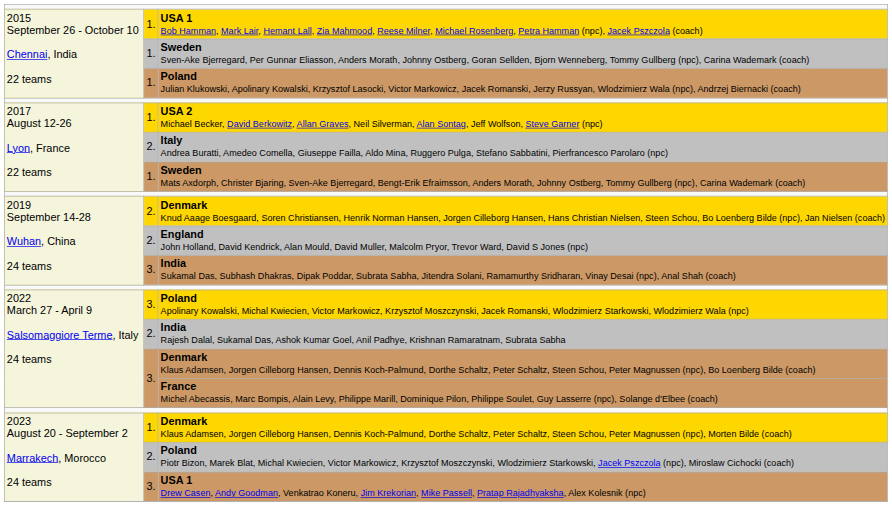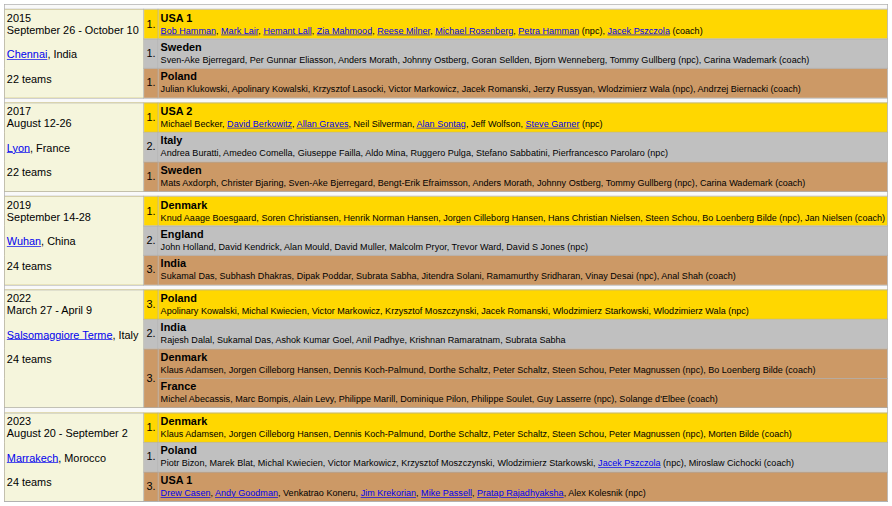 <table class="wikitable">
 <tr>
 <td colspan=3></td>
 </tr>
 <tr bgcolor="gold">
 <td rowspan=3 bgcolor="beige" valign="Top">2015<br>September 26 - October 10 <br> <br><a href='#'>Chennai</a>, India   <br> <br>22 teams</td>
 <td>1.</td>
 <td> <strong>USA 1</strong><br><small><a href='#'>Bob Hamman</a>, <a href='#'>Mark Lair</a>, <a href='#'>Hemant Lall</a>, <a href='#'>Zia Mahmood</a>, <a href='#'>Reese Milner</a>, <a href='#'>Michael Rosenberg</a>, <a href='#'>Petra Hamman</a> (npc), <a href='#'>Jacek Pszczola</a> (coach)</small></td>
 </tr>
 <tr bgcolor="silver">
 <td>1.</td>
 <td> <strong>Sweden</strong><br><small>Sven-Ake Bjerregard, Per Gunnar Eliasson, Anders Morath, Johnny Ostberg, Goran Sellden, Bjorn Wenneberg, Tommy Gullberg (npc), Carina Wademark (coach)</small></td>
 </tr>
 <tr bgcolor="cc9966">
 <td>1.</td>
 <td> <strong>Poland</strong><br><small>Julian Klukowski, Apolinary Kowalski, Krzysztof Lasocki, Victor Markowicz, Jacek Romanski, Jerzy Russyan, Wlodzimierz Wala (npc), Andrzej Biernacki (coach)</small></td>
 </tr>
 <tr>
 <td colspan=3></td>
 </tr>
 <tr bgcolor="gold">
 <td rowspan=3 bgcolor="beige" valign="Top">2017<br>August 12-26 <br> <br> <a href='#'>Lyon</a>, France  <br> <br>22 teams</td>
 <td>1.</td>
 <td> <strong>USA 2</strong><br><small>Michael Becker, <a href='#'>David Berkowitz</a>, <a href='#'>Allan Graves</a>, Neil Silverman, <a href='#'>Alan Sontag</a>, Jeff Wolfson, <a href='#'>Steve Garner</a> (npc)</small></td>
 </tr>
 <tr bgcolor="silver">
 <td>2.</td>
 <td> <strong>Italy</strong><br><small>Andrea Buratti, Amedeo Comella, Giuseppe Failla, Aldo Mina, Ruggero Pulga, Stefano Sabbatini, Pierfrancesco Parolaro (npc)</small></td>
 </tr>
 <tr bgcolor="cc9966">
 <td>1.</td>
 <td> <strong>Sweden</strong><br><small>Mats Axdorph, Christer Bjaring, Sven-Ake Bjerregard, Bengt-Erik Efraimsson, Anders Morath, Johnny Ostberg, Tommy Gullberg (npc), Carina Wademark (coach)</small></td>
 </tr>
 <tr>
 <td colspan=3></td>
 </tr>
 <tr bgcolor="gold">
 <td rowspan=3 bgcolor="beige" valign="Top">2019<br>September 14-28 <br> <br> <a href='#'>Wuhan</a>, China  <br> <br>24 teams</td>
-<td>2.</td>
+<td>1.</td>
 <td> <strong>Denmark</strong> <br><small>Knud Aaage Boesgaard, Soren Christiansen, Henrik Norman Hansen, Jorgen Cilleborg Hansen, Hans Christian Nielsen, Steen Schou, Bo Loenberg Bilde (npc), Jan Nielsen (coach)</small></td>
 </tr>
 <tr bgcolor="silver">
 <td>2.</td>
 <td> <strong>England</strong> <br><small>John Holland, David Kendrick, Alan Mould, David Muller, Malcolm Pryor, Trevor Ward, David S Jones (npc)</small></td>
 </tr>
 <tr bgcolor="cc9966">
 <td>3.</td>
 <td> <strong>India</strong> <br><small>Sukamal Das, Subhash Dhakras, Dipak Poddar, Subrata Sabha, Jitendra Solani, Ramamurthy Sridharan, Vinay Desai (npc), Anal Shah (coach)</small></td>
 </tr>
 <tr>
 <td colspan=3></td>
 </tr>
 <tr bgcolor="gold">
 <td rowspan=4 bgcolor="beige" valign="Top">2022<br>March 27 - April 9 <br> <br> <a href='#'>Salsomaggiore Terme</a>, Italy  <br> <br>24 teams</td>
 <td>3.</td>
 <td> <strong>Poland</strong> <br><small>Apolinary Kowalski, Michal Kwiecien, Victor Markowicz, Krzysztof Moszczynski, Jacek Romanski, Wlodzimierz Starkowski, Wlodzimierz Wala (npc)</small></td>
 </tr>
 <tr bgcolor="silver">
 <td>2.</td>
 <td> <strong>India</strong> <br><small>Rajesh Dalal, Sukamal Das, Ashok Kumar Goel, Anil Padhye, Krishnan Ramaratnam, Subrata Sabha</small></td>
 </tr>
 <tr bgcolor="cc9966">
 <td rowspan=2>3.</td>
 <td> <strong>Denmark</strong> <br><small>Klaus Adamsen, Jorgen Cilleborg Hansen, Dennis Koch-Palmund, Dorthe Schaltz, Peter Schaltz, Steen Schou, Peter Magnussen (npc), Bo Loenberg Bilde (coach)</small></td>
 </tr>
 <tr bgcolor="cc9966">
 <td> <strong>France</strong> <br><small>Michel Abecassis, Marc Bompis, Alain Levy, Philippe Marill, Dominique Pilon, Philippe Soulet, Guy Lasserre (npc), Solange d'Elbee (coach)</small></td>
 </tr>
 <tr>
 <td colspan=3></td>
 </tr>
 <tr bgcolor="gold">
 <td rowspan=3 bgcolor="beige" valign="Top">2023<br>August 20 - September 2 <br> <br> <a href='#'>Marrakech</a>, Morocco  <br> <br>24 teams</td>
 <td>1.</td>
 <td> <strong>Denmark</strong> <br><small>Klaus Adamsen, Jorgen Cilleborg Hansen, Dennis Koch-Palmund, Dorthe Schaltz, Peter Schaltz, Steen Schou, Peter Magnussen (npc), Morten Bilde (coach)</small></td>
 </tr>
 <tr bgcolor="silver">
-<td>2.</td>
+<td>1.</td>
 <td> <strong>Poland</strong> <br><small>Piotr Bizon, Marek Blat, Michal Kwiecien, Victor Markowicz, Krzysztof Moszczynski, Wlodzimierz Starkowski, <a href='#'>Jacek Pszczola</a> (npc), Miroslaw Cichocki (coach)</small></td>
 </tr>
 <tr bgcolor="cc9966">
 <td>3.</td>
 <td> <strong>USA 1</strong> <br><small><a href='#'>Drew Casen</a>, <a href='#'>Andy Goodman</a>, Venkatrao Koneru, <a href='#'>Jim Krekorian</a>, <a href='#'>Mike Passell</a>, <a href='#'>Pratap Rajadhyaksha</a>, Alex Kolesnik (npc)</small></td>
 </tr>
 <tr>
 </tr>
 </table>
